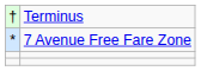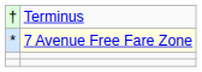 <table class="wikitable">
 <tr>
 <td style="background-color:#ddffdd; text-align:center">†</td>
 <td><a href='#'>Terminus</a></td>
 </tr>
 <tr>
 <td style="background-color:#D0E7FF; text-align:center">*</td>
-<td><a href='#'>7 Avenue Free Fare Zone</a></td>
+<td style="background: lightyellow;"><a href='#'>7 Avenue Free Fare Zone</a></td>
 </tr>
 <tr>
 <td></td>
 <td></td>
 </tr>
 <tr>
 <td></td>
 <td></td>
 </tr>
 </table>
